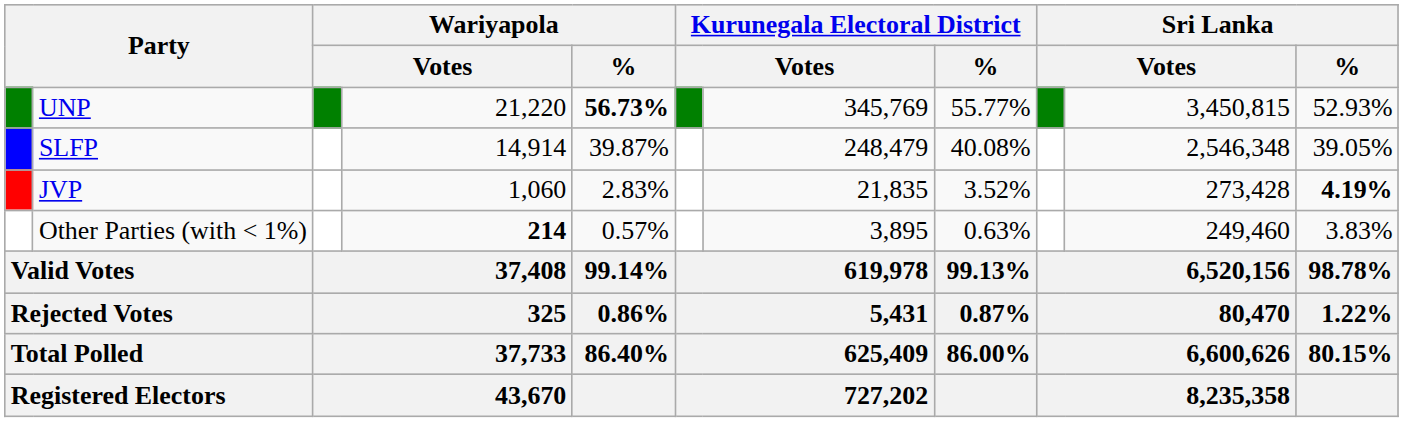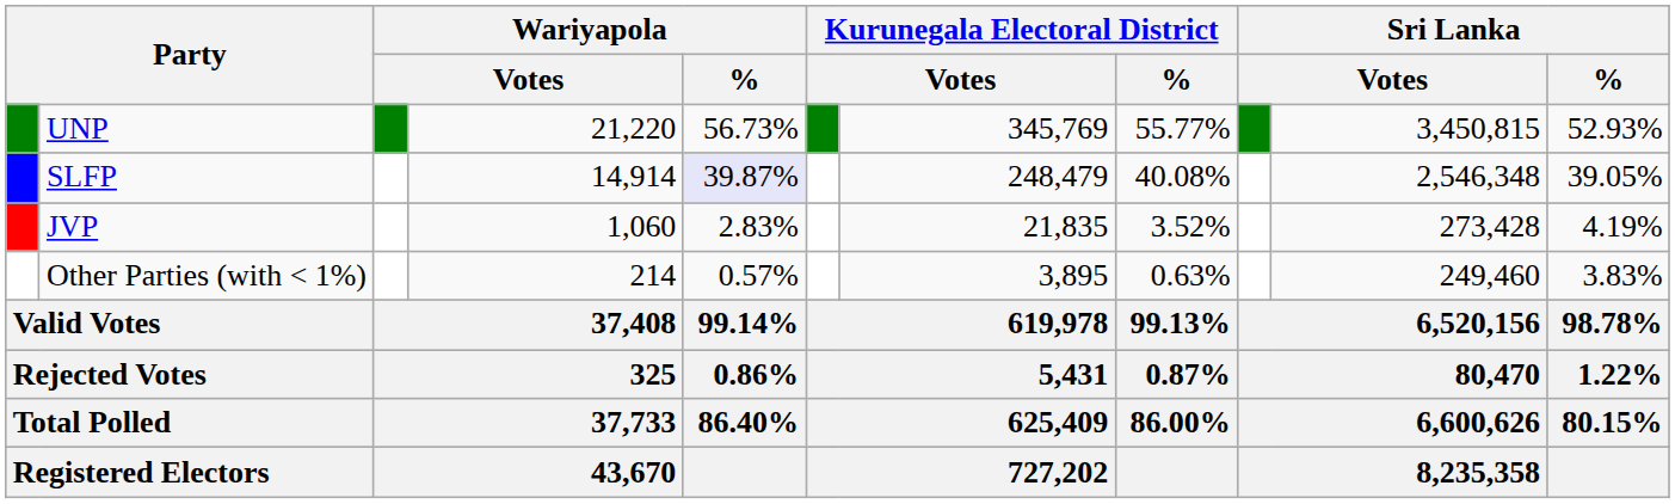 <table class="wikitable">
 <tr>
 <th colspan="2" width="144px"rowspan="2">Party</th>
 <th colspan="3" width="216px">Wariyapola</th>
 <th colspan="3" width="216px"><a href='#'>Kurunegala Electoral District</a></th>
 <th colspan="3" width="216px">Sri Lanka</th>
 </tr>
 <tr>
 <th colspan="2" width="144px">Votes</th>
 <th>%</th>
 <th colspan="2" width="144px">Votes</th>
 <th>%</th>
 <th colspan="2" width="144px">Votes</th>
 <th>%</th>
 </tr>
 <tr>
 <td style="background-color:green;" width="10px"></td>
 <td style="text-align:left;"><a href='#'>UNP</a></td>
 <td style="background-color:green;" width="10px"></td>
 <td style="text-align:right;">21,220</td>
-<td style="text-align:right;"><strong>56.73%</strong></td>
+<td style="text-align:right;">56.73%</td>
 <td style="background-color:green;" width="10px"></td>
 <td style="text-align:right;">345,769</td>
 <td style="text-align:right;">55.77%</td>
 <td style="background-color:green;" width="10px"></td>
 <td style="text-align:right;">3,450,815</td>
 <td style="text-align:right;">52.93%</td>
 </tr>
 <tr>
 <td style="background-color:blue;" width="10px"></td>
 <td style="text-align:left;"><a href='#'>SLFP</a></td>
 <td style="background-color:white;" width="10px"></td>
 <td style="text-align:right;">14,914</td>
-<td style="text-align:right;">39.87%</td>
+<td style="background: lavender; text-align:right;">39.87%</td>
 <td style="background-color:white;" width="10px"></td>
 <td style="text-align:right;">248,479</td>
 <td style="text-align:right;">40.08%</td>
 <td style="background-color:white;" width="10px"></td>
 <td style="text-align:right;">2,546,348</td>
 <td style="text-align:right;">39.05%</td>
 </tr>
 <tr>
 <td style="background-color:red;" width="10px"></td>
 <td style="text-align:left;"><a href='#'>JVP</a></td>
 <td style="background-color:white;" width="10px"></td>
 <td style="text-align:right;">1,060</td>
 <td style="text-align:right;">2.83%</td>
 <td style="background-color:white;" width="10px"></td>
 <td style="text-align:right;">21,835</td>
 <td style="text-align:right;">3.52%</td>
 <td style="background-color:white;" width="10px"></td>
 <td style="text-align:right;">273,428</td>
-<td style="text-align:right;"><strong>4.19%</strong></td>
+<td style="text-align:right;">4.19%</td>
 </tr>
 <tr>
 <td style="background-color:white;" width="10px"></td>
 <td style="text-align:left;">Other Parties (with < 1%)</td>
 <td style="background-color:white;" width="10px"></td>
-<td style="text-align:right;"><strong>214</strong></td>
+<td style="text-align:right;">214</td>
 <td style="text-align:right;">0.57%</td>
 <td style="background-color:white;" width="10px"></td>
 <td style="text-align:right;">3,895</td>
 <td style="text-align:right;">0.63%</td>
 <td style="background-color:white;" width="10px"></td>
 <td style="text-align:right;">249,460</td>
 <td style="text-align:right;">3.83%</td>
 </tr>
 <tr>
 <th colspan="2" width="144px"style="text-align:left;">Valid Votes</th>
 <th style="text-align:right;"colspan="2" width="144px">37,408</th>
 <th style="text-align:right;">99.14%</th>
 <th style="text-align:right;"colspan="2" width="144px">619,978</th>
 <th style="text-align:right;">99.13%</th>
 <th style="text-align:right;"colspan="2" width="144px">6,520,156</th>
 <th style="text-align:right;">98.78%</th>
 </tr>
 <tr>
 <th colspan="2" width="144px"style="text-align:left;">Rejected Votes</th>
 <th style="text-align:right;"colspan="2" width="144px">325</th>
 <th style="text-align:right;">0.86%</th>
 <th style="text-align:right;"colspan="2" width="144px">5,431</th>
 <th style="text-align:right;">0.87%</th>
 <th style="text-align:right;"colspan="2" width="144px">80,470</th>
 <th style="text-align:right;">1.22%</th>
 </tr>
 <tr>
 <th colspan="2" width="144px"style="text-align:left;">Total Polled</th>
 <th style="text-align:right;"colspan="2" width="144px">37,733</th>
 <th style="text-align:right;">86.40%</th>
 <th style="text-align:right;"colspan="2" width="144px">625,409</th>
 <th style="text-align:right;">86.00%</th>
 <th style="text-align:right;"colspan="2" width="144px">6,600,626</th>
 <th style="text-align:right;">80.15%</th>
 </tr>
 <tr>
 <th colspan="2" width="144px"style="text-align:left;">Registered Electors</th>
 <th style="text-align:right;"colspan="2" width="144px">43,670</th>
 <th></th>
 <th style="text-align:right;"colspan="2" width="144px">727,202</th>
 <th></th>
 <th style="text-align:right;"colspan="2" width="144px">8,235,358</th>
 <th></th>
 </tr>
 </table>
